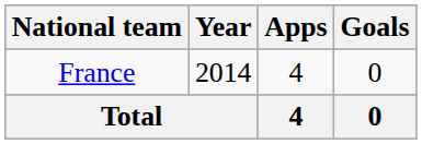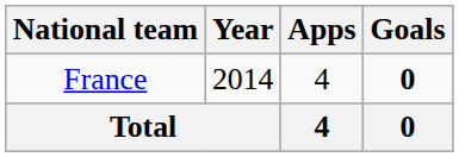 <table class="wikitable" style="text-align: center;">
 <tr>
 <th>National team</th>
 <th>Year</th>
 <th>Apps</th>
 <th>Goals</th>
 </tr>
 <tr>
 <td><a href='#'>France</a></td>
 <td>2014</td>
 <td>4</td>
-<td>0</td>
+<td><strong>0</strong></td>
 </tr>
 <tr>
 <th colspan="2">Total</th>
 <th>4</th>
 <th>0</th>
 </tr>
 </table>
